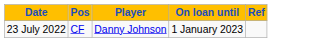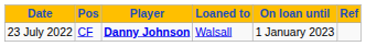 <table class="wikitable plainrowheaders sortable">
 <tr>
 <th style="background:#ffbf00; color:#1C4EBD; ">Date</th>
 <th style="background:#ffbf00; color:#1C4EBD; ">Pos</th>
 <th style="background:#FFbf00; color:#1C4EBD; ">Player</th>
+<th style="background:#FFbf00; color:#1C4EBD; ">Loaned to</th>
 <th style="background:#FFbf00; color:#1C4EBD; ">On loan until</th>
 <th style="background:#FFbf00; color:#1C4EBD; ">Ref</th>
 </tr>
 <tr>
 <td>23 July 2022</td>
 <td><a href='#'>CF</a></td>
-<td> <a href='#'>Danny Johnson</a></td>
+<td><strong> <a href='#'>Danny Johnson</a></strong></td>
+<td> <a href='#'>Walsall</a></td>
 <td>1 January 2023</td>
 <td></td>
 </tr>
 </table>
